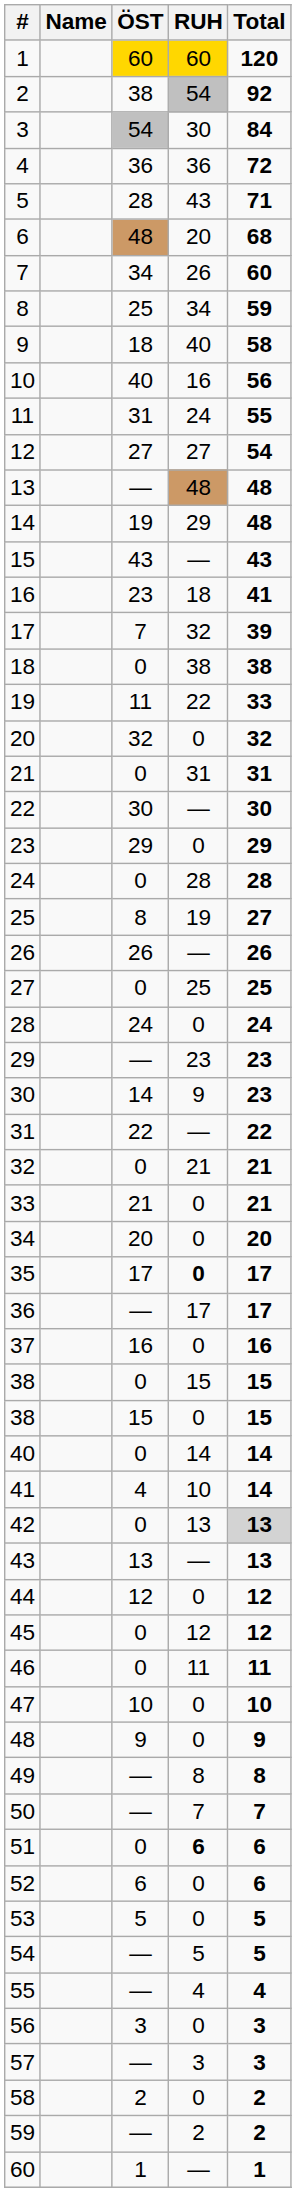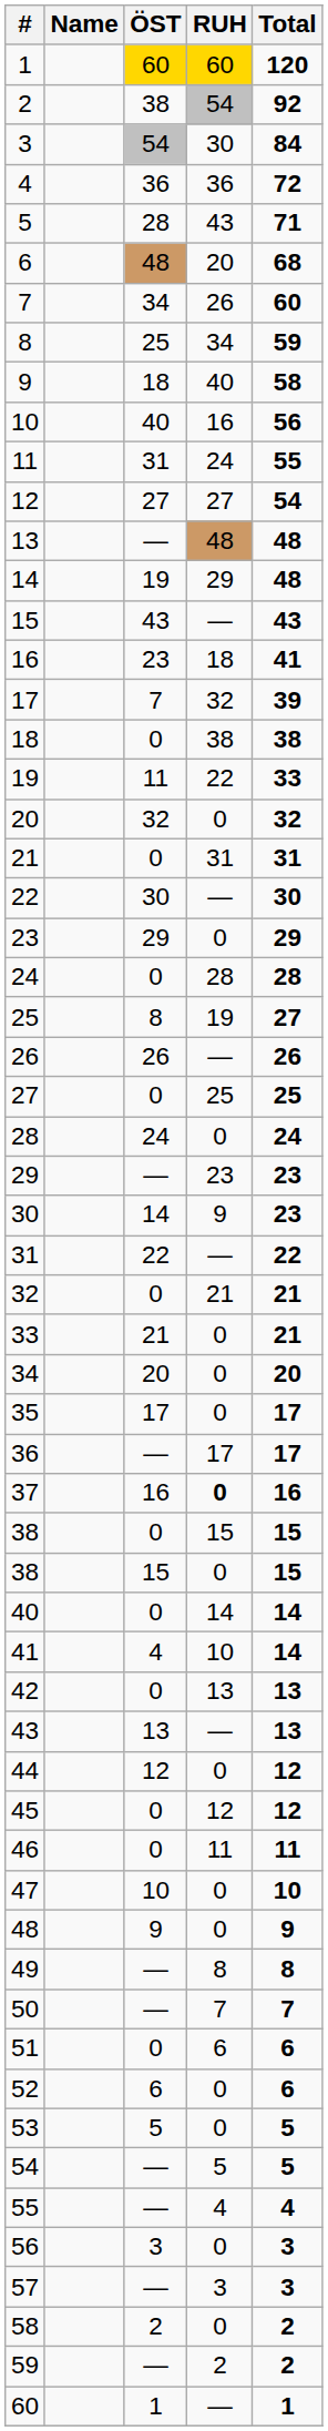 <table class="wikitable sortable" style="text-align:center;">
 <tr>
 <th>#</th>
 <th>Name</th>
 <th>ÖST</th>
 <th>RUH</th>
 <th>Total</th>
 </tr>
 <tr>
 <td>1</td>
 <td align="left"></td>
 <td bgcolor="gold">60</td>
 <td bgcolor="gold">60</td>
 <td><strong>120</strong></td>
 </tr>
 <tr>
 <td>2</td>
 <td align="left"></td>
 <td>38</td>
 <td bgcolor="silver">54</td>
 <td><strong>92</strong></td>
 </tr>
 <tr>
 <td>3</td>
 <td align="left"></td>
 <td bgcolor="silver">54</td>
 <td>30</td>
 <td><strong>84</strong></td>
 </tr>
 <tr>
 <td>4</td>
 <td align="left"></td>
 <td>36</td>
 <td>36</td>
 <td><strong>72</strong></td>
 </tr>
 <tr>
 <td>5</td>
 <td align="left"></td>
 <td>28</td>
 <td>43</td>
 <td><strong>71</strong></td>
 </tr>
 <tr>
 <td>6</td>
 <td align="left"></td>
 <td bgcolor=CC9966>48</td>
 <td>20</td>
 <td><strong>68</strong></td>
 </tr>
 <tr>
 <td>7</td>
 <td align="left"></td>
 <td>34</td>
 <td>26</td>
 <td><strong>60</strong></td>
 </tr>
 <tr>
 <td>8</td>
 <td align="left"></td>
 <td>25</td>
 <td>34</td>
 <td><strong>59</strong></td>
 </tr>
 <tr>
 <td>9</td>
 <td align="left"></td>
 <td>18</td>
 <td>40</td>
 <td><strong>58</strong></td>
 </tr>
 <tr>
 <td>10</td>
 <td align="left"></td>
 <td>40</td>
 <td>16</td>
 <td><strong>56</strong></td>
 </tr>
 <tr>
 <td>11</td>
 <td align="left"></td>
 <td>31</td>
 <td>24</td>
 <td><strong>55</strong></td>
 </tr>
 <tr>
 <td>12</td>
 <td align="left"></td>
 <td>27</td>
 <td>27</td>
 <td><strong>54</strong></td>
 </tr>
 <tr>
 <td>13</td>
 <td align="left"></td>
 <td>—</td>
 <td bgcolor=CC9966>48</td>
 <td><strong>48</strong></td>
 </tr>
 <tr>
 <td>14</td>
 <td align="left"></td>
 <td>19</td>
 <td>29</td>
 <td><strong>48</strong></td>
 </tr>
 <tr>
 <td>15</td>
 <td align="left"></td>
 <td>43</td>
 <td>—</td>
 <td><strong>43</strong></td>
 </tr>
 <tr>
 <td>16</td>
 <td align="left"></td>
 <td>23</td>
 <td>18</td>
 <td><strong>41</strong></td>
 </tr>
 <tr>
 <td>17</td>
 <td align="left"></td>
 <td>7</td>
 <td>32</td>
 <td><strong>39</strong></td>
 </tr>
 <tr>
 <td>18</td>
 <td align="left"></td>
 <td>0</td>
 <td>38</td>
 <td><strong>38</strong></td>
 </tr>
 <tr>
 <td>19</td>
 <td align="left"></td>
 <td>11</td>
 <td>22</td>
 <td><strong>33</strong></td>
 </tr>
 <tr>
 <td>20</td>
 <td align="left"></td>
 <td>32</td>
 <td>0</td>
 <td><strong>32</strong></td>
 </tr>
 <tr>
 <td>21</td>
 <td align="left"></td>
 <td>0</td>
 <td>31</td>
 <td><strong>31</strong></td>
 </tr>
 <tr>
 <td>22</td>
 <td align="left"></td>
 <td>30</td>
 <td>—</td>
 <td><strong>30</strong></td>
 </tr>
 <tr>
 <td>23</td>
 <td align="left"></td>
 <td>29</td>
 <td>0</td>
 <td><strong>29</strong></td>
 </tr>
 <tr>
 <td>24</td>
 <td align="left"></td>
 <td>0</td>
 <td>28</td>
 <td><strong>28</strong></td>
 </tr>
 <tr>
 <td>25</td>
 <td align="left"></td>
 <td>8</td>
 <td>19</td>
 <td><strong>27</strong></td>
 </tr>
 <tr>
 <td>26</td>
 <td align="left"></td>
 <td>26</td>
 <td>—</td>
 <td><strong>26</strong></td>
 </tr>
 <tr>
 <td>27</td>
 <td align="left"></td>
 <td>0</td>
 <td>25</td>
 <td><strong>25</strong></td>
 </tr>
 <tr>
 <td>28</td>
 <td align="left"></td>
 <td>24</td>
 <td>0</td>
 <td><strong>24</strong></td>
 </tr>
 <tr>
 <td>29</td>
 <td align="left"></td>
 <td>—</td>
 <td>23</td>
 <td><strong>23</strong></td>
 </tr>
 <tr>
 <td>30</td>
 <td align="left"></td>
 <td>14</td>
 <td>9</td>
 <td><strong>23</strong></td>
 </tr>
 <tr>
 <td>31</td>
 <td align="left"></td>
 <td>22</td>
 <td>—</td>
 <td><strong>22</strong></td>
 </tr>
 <tr>
 <td>32</td>
 <td align="left"></td>
 <td>0</td>
 <td>21</td>
 <td><strong>21</strong></td>
 </tr>
 <tr>
 <td>33</td>
 <td align="left"></td>
 <td>21</td>
 <td>0</td>
 <td><strong>21</strong></td>
 </tr>
 <tr>
 <td>34</td>
 <td align="left"></td>
 <td>20</td>
 <td>0</td>
 <td><strong>20</strong></td>
 </tr>
 <tr>
 <td>35</td>
 <td align="left"></td>
 <td>17</td>
-<td><strong>0</strong></td>
+<td>0</td>
 <td><strong>17</strong></td>
 </tr>
 <tr>
 <td>36</td>
 <td align="left"></td>
 <td>—</td>
 <td>17</td>
 <td><strong>17</strong></td>
 </tr>
 <tr>
 <td>37</td>
 <td align="left"></td>
 <td>16</td>
-<td>0</td>
+<td><strong>0</strong></td>
 <td><strong>16</strong></td>
 </tr>
 <tr>
 <td>38</td>
 <td align="left"></td>
 <td>0</td>
 <td>15</td>
 <td><strong>15</strong></td>
 </tr>
 <tr>
 <td>38</td>
 <td align="left"></td>
 <td>15</td>
 <td>0</td>
 <td><strong>15</strong></td>
 </tr>
 <tr>
 <td>40</td>
 <td align="left"></td>
 <td>0</td>
 <td>14</td>
 <td><strong>14</strong></td>
 </tr>
 <tr>
 <td>41</td>
 <td align="left"></td>
 <td>4</td>
 <td>10</td>
 <td><strong>14</strong></td>
 </tr>
 <tr>
 <td>42</td>
 <td align="left"></td>
 <td>0</td>
 <td>13</td>
-<td style="background: lightgrey;"><strong>13</strong></td>
+<td><strong>13</strong></td>
 </tr>
 <tr>
 <td>43</td>
 <td align="left"></td>
 <td>13</td>
 <td>—</td>
 <td><strong>13</strong></td>
 </tr>
 <tr>
 <td>44</td>
 <td align="left"></td>
 <td>12</td>
 <td>0</td>
 <td><strong>12</strong></td>
 </tr>
 <tr>
 <td>45</td>
 <td align="left"></td>
 <td>0</td>
 <td>12</td>
 <td><strong>12</strong></td>
 </tr>
 <tr>
 <td>46</td>
 <td align="left"></td>
 <td>0</td>
 <td>11</td>
 <td><strong>11</strong></td>
 </tr>
 <tr>
 <td>47</td>
 <td align="left"></td>
 <td>10</td>
 <td>0</td>
 <td><strong>10</strong></td>
 </tr>
 <tr>
 <td>48</td>
 <td align="left"></td>
 <td>9</td>
 <td>0</td>
 <td><strong>9</strong></td>
 </tr>
 <tr>
 <td>49</td>
 <td align="left"></td>
 <td>—</td>
 <td>8</td>
 <td><strong>8</strong></td>
 </tr>
 <tr>
 <td>50</td>
 <td align="left"></td>
 <td>—</td>
 <td>7</td>
 <td><strong>7</strong></td>
 </tr>
 <tr>
 <td>51</td>
 <td align="left"></td>
 <td>0</td>
-<td><strong>6</strong></td>
+<td>6</td>
 <td><strong>6</strong></td>
 </tr>
 <tr>
 <td>52</td>
 <td align="left"></td>
 <td>6</td>
 <td>0</td>
 <td><strong>6</strong></td>
 </tr>
 <tr>
 <td>53</td>
 <td align="left"></td>
 <td>5</td>
 <td>0</td>
 <td><strong>5</strong></td>
 </tr>
 <tr>
 <td>54</td>
 <td align="left"></td>
 <td>—</td>
 <td>5</td>
 <td><strong>5</strong></td>
 </tr>
 <tr>
 <td>55</td>
 <td align="left"></td>
 <td>—</td>
 <td>4</td>
 <td><strong>4</strong></td>
 </tr>
 <tr>
 <td>56</td>
 <td align="left"></td>
 <td>3</td>
 <td>0</td>
 <td><strong>3</strong></td>
 </tr>
 <tr>
 <td>57</td>
 <td align="left"></td>
 <td>—</td>
 <td>3</td>
 <td><strong>3</strong></td>
 </tr>
 <tr>
 <td>58</td>
 <td align="left"></td>
 <td>2</td>
 <td>0</td>
 <td><strong>2</strong></td>
 </tr>
 <tr>
 <td>59</td>
 <td align="left"></td>
 <td>—</td>
 <td>2</td>
 <td><strong>2</strong></td>
 </tr>
 <tr>
 <td>60</td>
 <td align="left"></td>
 <td>1</td>
 <td>—</td>
 <td><strong>1</strong></td>
 </tr>
 <tr>
 </tr>
 </table>
